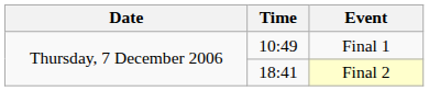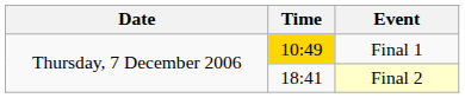 <table class = "wikitable" style="text-align:center;">
 <tr>
 <th width=220>Date</th>
 <th width=50>Time</th>
 <th width=100>Event</th>
 </tr>
 <tr>
 <td rowspan=2>Thursday, 7 December 2006</td>
-<td>10:49</td>
+<td style="background: gold;">10:49</td>
 <td>Final 1</td>
 </tr>
 <tr>
 <td>18:41</td>
 <td bgcolor=ffffcc>Final 2</td>
 </tr>
 </table>
